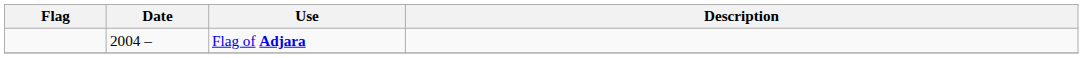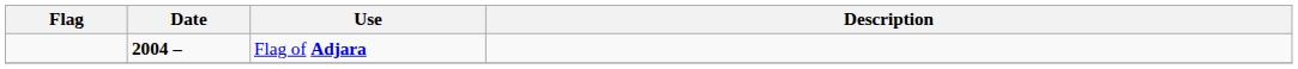 <table class="wikitable" style="background:#FFFFF;">
 <tr>
 <th style="width:100px;">Flag</th>
 <th style="width:100px;">Date</th>
 <th style="width:200px;">Use</th>
 <th style="width:700px;">Description</th>
 </tr>
 <tr>
 <td></td>
-<td>2004 –</td>
+<td><strong>2004 –</strong></td>
 <td><a href='#'>Flag of</a> <strong><a href='#'>Adjara</a></strong></td>
 <td></td>
 </tr>
 <tr>
 </tr>
 </table>
